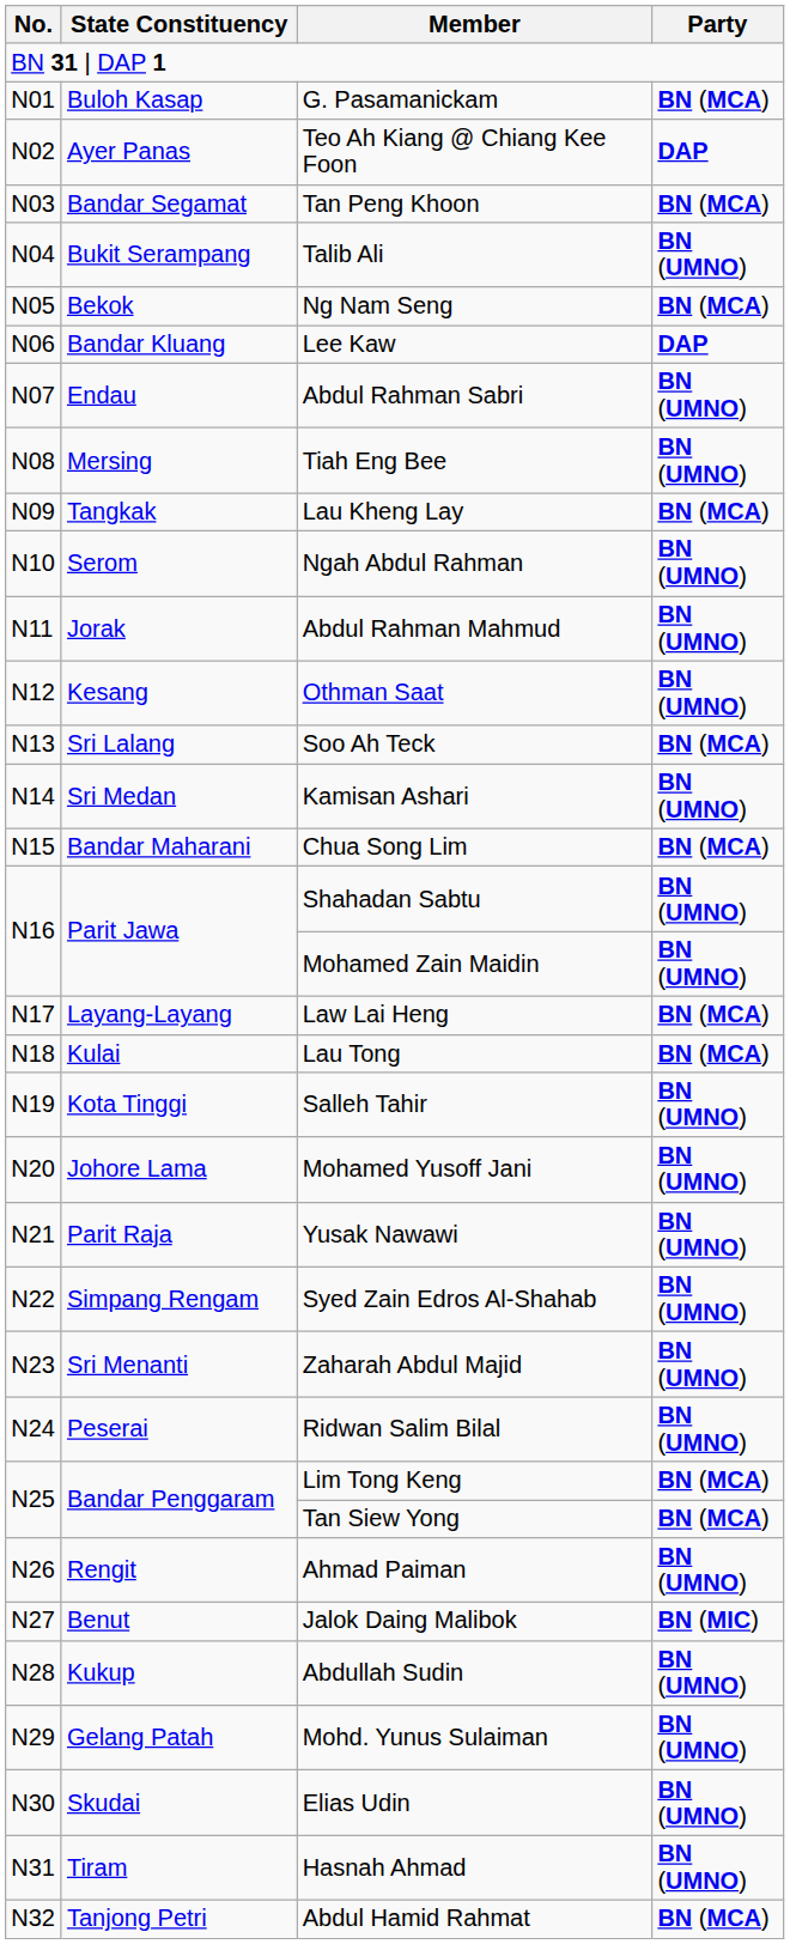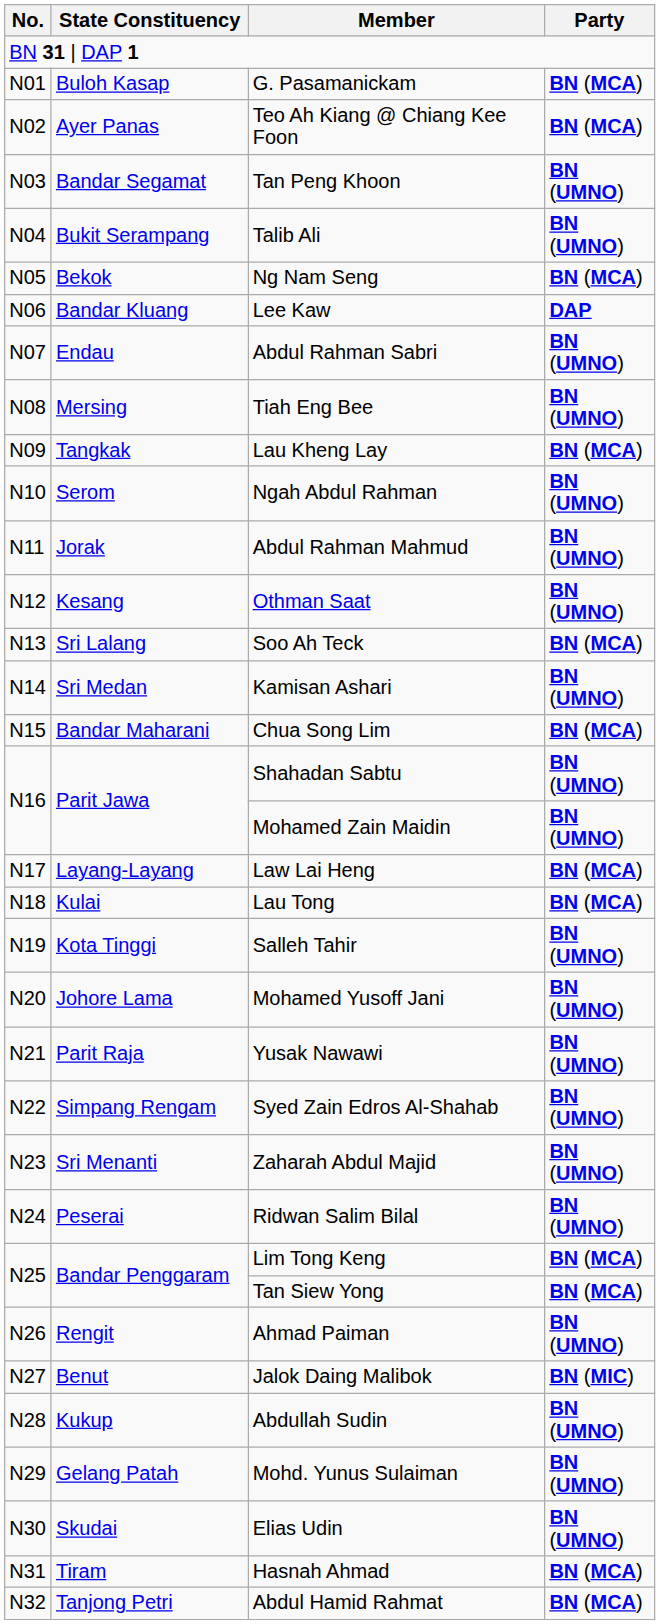 <table class="wikitable sortable">
 <tr>
 <th style="width:30px;">No.</th>
 <th style="width:150px;">State Constituency</th>
 <th style="width:230px;">Member</th>
 <th style="width:80px;">Party</th>
 </tr>
 <tr>
 <td colspan="4"><a href='#'>BN</a> <strong>31</strong> | <a href='#'>DAP</a> <strong>1</strong></td>
 </tr>
 <tr>
 <td>N01</td>
 <td><a href='#'>Buloh Kasap</a></td>
 <td>G. Pasamanickam</td>
 <td><strong><a href='#'>BN</a></strong> (<strong><a href='#'>MCA</a></strong>)</td>
 </tr>
 <tr>
 <td>N02</td>
 <td><a href='#'>Ayer Panas</a></td>
 <td>Teo Ah Kiang @ Chiang Kee Foon</td>
-<td><strong><a href='#'>DAP</a></strong></td>
+<td><strong><a href='#'>BN</a></strong> (<strong><a href='#'>MCA</a></strong>)</td>
 </tr>
 <tr>
 <td>N03</td>
 <td><a href='#'>Bandar Segamat</a></td>
 <td>Tan Peng Khoon</td>
-<td><strong><a href='#'>BN</a></strong> (<strong><a href='#'>MCA</a></strong>)</td>
+<td><strong><a href='#'>BN</a></strong> (<strong><a href='#'>UMNO</a></strong>)</td>
 </tr>
 <tr>
 <td>N04</td>
 <td><a href='#'>Bukit Serampang</a></td>
 <td>Talib Ali</td>
 <td><strong><a href='#'>BN</a></strong> (<strong><a href='#'>UMNO</a></strong>)</td>
 </tr>
 <tr>
 <td>N05</td>
 <td><a href='#'>Bekok</a></td>
 <td>Ng Nam Seng</td>
 <td><strong><a href='#'>BN</a></strong> (<strong><a href='#'>MCA</a></strong>)</td>
 </tr>
 <tr>
 <td>N06</td>
 <td><a href='#'>Bandar Kluang</a></td>
 <td>Lee Kaw</td>
 <td><strong><a href='#'>DAP</a></strong></td>
 </tr>
 <tr>
 <td>N07</td>
 <td><a href='#'>Endau</a></td>
 <td>Abdul Rahman Sabri</td>
 <td><strong><a href='#'>BN</a></strong> (<strong><a href='#'>UMNO</a></strong>)</td>
 </tr>
 <tr>
 <td>N08</td>
 <td><a href='#'>Mersing</a></td>
 <td>Tiah Eng Bee</td>
 <td><strong><a href='#'>BN</a></strong> (<strong><a href='#'>UMNO</a></strong>)</td>
 </tr>
 <tr>
 <td>N09</td>
 <td><a href='#'>Tangkak</a></td>
 <td>Lau Kheng Lay</td>
 <td><strong><a href='#'>BN</a></strong> (<strong><a href='#'>MCA</a></strong>)</td>
 </tr>
 <tr>
 <td>N10</td>
 <td><a href='#'>Serom</a></td>
 <td>Ngah Abdul Rahman</td>
 <td><strong><a href='#'>BN</a></strong> (<strong><a href='#'>UMNO</a></strong>)</td>
 </tr>
 <tr>
 <td>N11</td>
 <td><a href='#'>Jorak</a></td>
 <td>Abdul Rahman Mahmud</td>
 <td><strong><a href='#'>BN</a></strong> (<strong><a href='#'>UMNO</a></strong>)</td>
 </tr>
 <tr>
 <td>N12</td>
 <td><a href='#'>Kesang</a></td>
 <td><a href='#'>Othman Saat</a></td>
 <td><strong><a href='#'>BN</a></strong> (<strong><a href='#'>UMNO</a></strong>)</td>
 </tr>
 <tr>
 <td>N13</td>
 <td><a href='#'>Sri Lalang</a></td>
 <td>Soo Ah Teck</td>
 <td><strong><a href='#'>BN</a></strong> (<strong><a href='#'>MCA</a></strong>)</td>
 </tr>
 <tr>
 <td>N14</td>
 <td><a href='#'>Sri Medan</a></td>
 <td>Kamisan Ashari</td>
 <td><strong><a href='#'>BN</a></strong> (<strong><a href='#'>UMNO</a></strong>)</td>
 </tr>
 <tr>
 <td>N15</td>
 <td><a href='#'>Bandar Maharani</a></td>
 <td>Chua Song Lim</td>
 <td><strong><a href='#'>BN</a></strong> (<strong><a href='#'>MCA</a></strong>)</td>
 </tr>
 <tr>
 <td rowspan=2>N16</td>
 <td rowspan=2><a href='#'>Parit Jawa</a></td>
 <td>Shahadan Sabtu </td>
 <td><strong><a href='#'>BN</a></strong> (<strong><a href='#'>UMNO</a></strong>)</td>
 </tr>
 <tr>
 <td>Mohamed Zain Maidin </td>
 <td><strong><a href='#'>BN</a></strong> (<strong><a href='#'>UMNO</a></strong>)</td>
 </tr>
 <tr>
 <td>N17</td>
 <td><a href='#'>Layang-Layang</a></td>
 <td>Law Lai Heng</td>
 <td><strong><a href='#'>BN</a></strong> (<strong><a href='#'>MCA</a></strong>)</td>
 </tr>
 <tr>
 <td>N18</td>
 <td><a href='#'>Kulai</a></td>
 <td>Lau Tong</td>
 <td><strong><a href='#'>BN</a></strong> (<strong><a href='#'>MCA</a></strong>)</td>
 </tr>
 <tr>
 <td>N19</td>
 <td><a href='#'>Kota Tinggi</a></td>
 <td>Salleh Tahir</td>
 <td><strong><a href='#'>BN</a></strong> (<strong><a href='#'>UMNO</a></strong>)</td>
 </tr>
 <tr>
 <td>N20</td>
 <td><a href='#'>Johore Lama</a></td>
 <td>Mohamed Yusoff Jani</td>
 <td><strong><a href='#'>BN</a></strong> (<strong><a href='#'>UMNO</a></strong>)</td>
 </tr>
 <tr>
 <td>N21</td>
 <td><a href='#'>Parit Raja</a></td>
 <td>Yusak Nawawi</td>
 <td><strong><a href='#'>BN</a></strong> (<strong><a href='#'>UMNO</a></strong>)</td>
 </tr>
 <tr>
 <td>N22</td>
 <td><a href='#'>Simpang Rengam</a></td>
 <td>Syed Zain Edros Al-Shahab</td>
 <td><strong><a href='#'>BN</a></strong> (<strong><a href='#'>UMNO</a></strong>)</td>
 </tr>
 <tr>
 <td>N23</td>
 <td><a href='#'>Sri Menanti</a></td>
 <td>Zaharah Abdul Majid</td>
 <td><strong><a href='#'>BN</a></strong> (<strong><a href='#'>UMNO</a></strong>)</td>
 </tr>
 <tr>
 <td>N24</td>
 <td><a href='#'>Peserai</a></td>
 <td>Ridwan Salim Bilal</td>
 <td><strong><a href='#'>BN</a></strong> (<strong><a href='#'>UMNO</a></strong>)</td>
 </tr>
 <tr>
 <td rowspan=2>N25</td>
 <td rowspan=2><a href='#'>Bandar Penggaram</a></td>
 <td>Lim Tong Keng </td>
 <td><strong><a href='#'>BN</a></strong> (<strong><a href='#'>MCA</a></strong>)</td>
 </tr>
 <tr>
 <td>Tan Siew Yong </td>
 <td><strong><a href='#'>BN</a></strong> (<strong><a href='#'>MCA</a></strong>)</td>
 </tr>
 <tr>
 <td>N26</td>
 <td><a href='#'>Rengit</a></td>
 <td>Ahmad Paiman</td>
 <td><strong><a href='#'>BN</a></strong> (<strong><a href='#'>UMNO</a></strong>)</td>
 </tr>
 <tr>
 <td>N27</td>
 <td><a href='#'>Benut</a></td>
 <td>Jalok Daing Malibok</td>
 <td><strong><a href='#'>BN</a></strong> (<strong><a href='#'>MIC</a></strong>)</td>
 </tr>
 <tr>
 <td>N28</td>
 <td><a href='#'>Kukup</a></td>
 <td>Abdullah Sudin</td>
 <td><strong><a href='#'>BN</a></strong> (<strong><a href='#'>UMNO</a></strong>)</td>
 </tr>
 <tr>
 <td>N29</td>
 <td><a href='#'>Gelang Patah</a></td>
 <td>Mohd. Yunus Sulaiman</td>
 <td><strong><a href='#'>BN</a></strong> (<strong><a href='#'>UMNO</a></strong>)</td>
 </tr>
 <tr>
 <td>N30</td>
 <td><a href='#'>Skudai</a></td>
 <td>Elias Udin</td>
 <td><strong><a href='#'>BN</a></strong> (<strong><a href='#'>UMNO</a></strong>)</td>
 </tr>
 <tr>
 <td>N31</td>
 <td><a href='#'>Tiram</a></td>
 <td>Hasnah Ahmad</td>
-<td><strong><a href='#'>BN</a></strong> (<strong><a href='#'>UMNO</a></strong>)</td>
+<td><strong><a href='#'>BN</a></strong> (<strong><a href='#'>MCA</a></strong>)</td>
 </tr>
 <tr>
 <td>N32</td>
 <td><a href='#'>Tanjong Petri</a></td>
 <td>Abdul Hamid Rahmat</td>
 <td><strong><a href='#'>BN</a></strong> (<strong><a href='#'>MCA</a></strong>)</td>
 </tr>
 </table>
